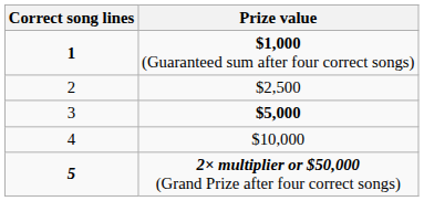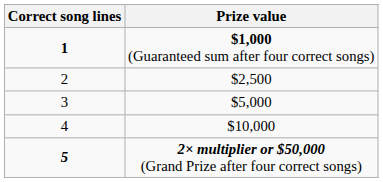 <table class="wikitable">
 <tr>
 <th>Correct song lines</th>
 <th>Prize value</th>
 </tr>
 <tr>
 <td align=center><strong>1</strong></td>
 <td align=center><strong>$1,000</strong><br>(Guaranteed sum after four correct songs)</td>
 </tr>
 <tr>
 <td align=center>2</td>
 <td align=center>$2,500</td>
 </tr>
 <tr>
 <td align=center>3</td>
-<td align=center><strong>$5,000</strong></td>
+<td align=center>$5,000</td>
 </tr>
 <tr>
 <td align=center>4</td>
 <td align=center>$10,000</td>
 </tr>
 <tr>
 <td align=center><strong><em>5</em></strong></td>
 <td align=center><strong><em>2× multiplier or $50,000</em></strong><br>(Grand Prize after four correct songs)</td>
 </tr>
 </table>
